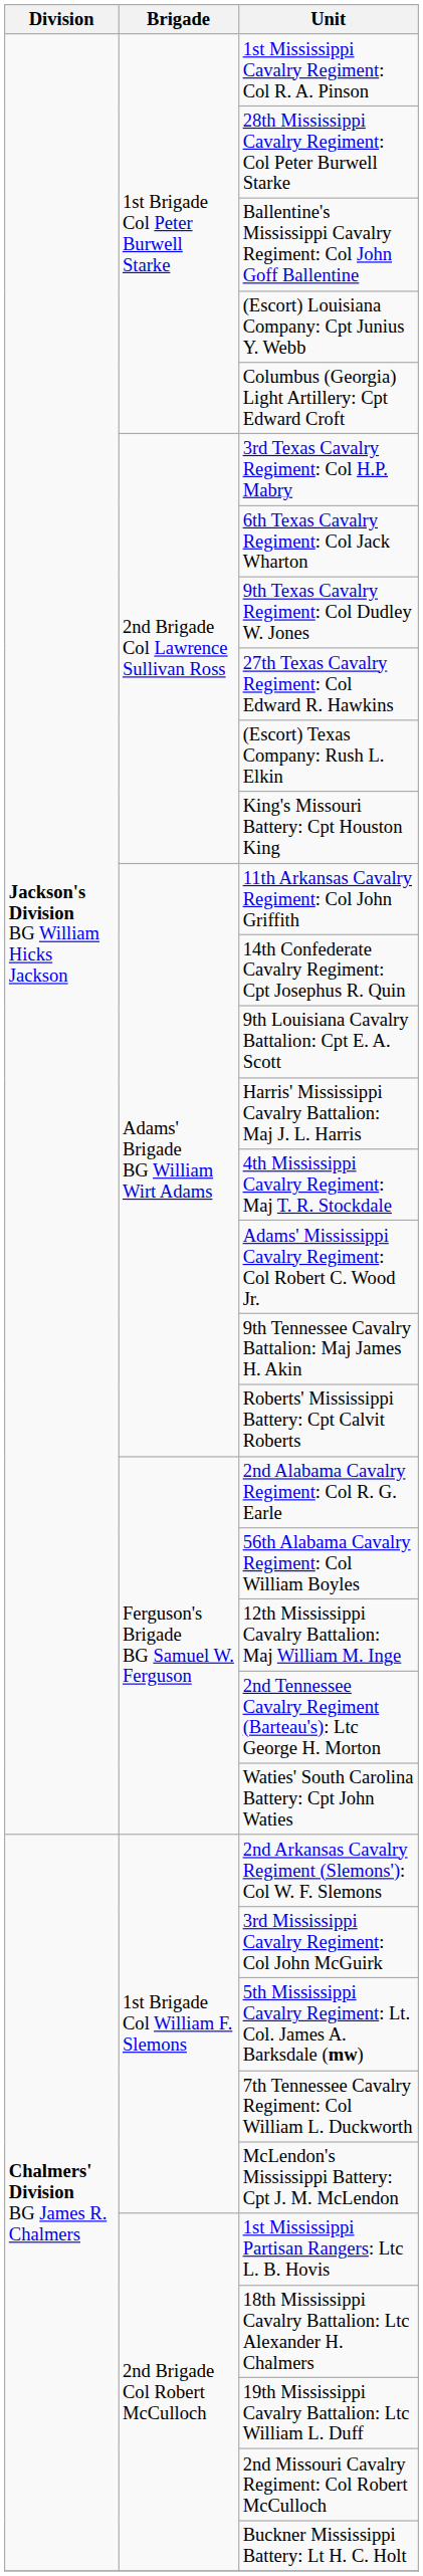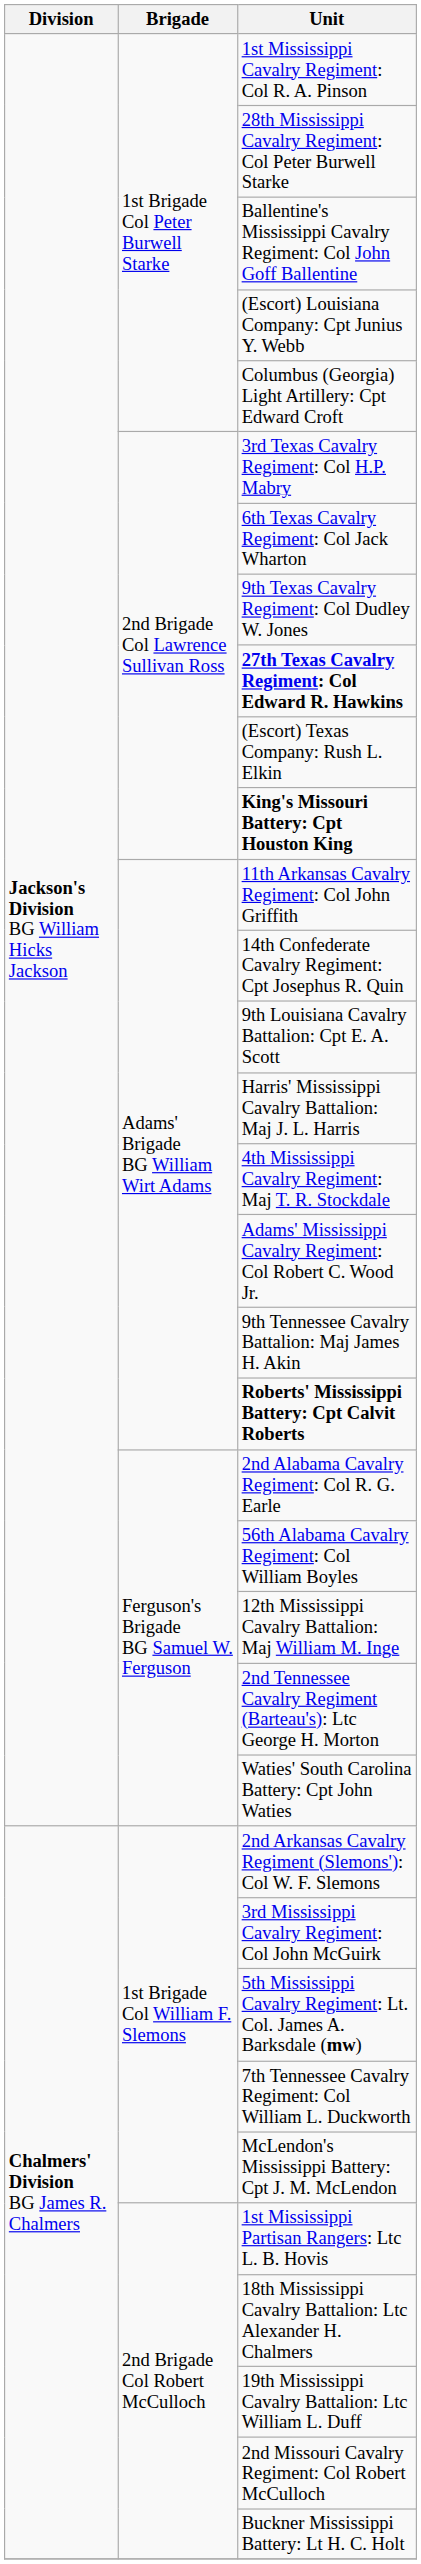 <table class="wikitable" style="text-align:left; width:57%;">
 <tr>
 <th width=12%>Division</th>
 <th width=15%>Brigade</th>
 <th width=30%>Unit</th>
 </tr>
 <tr>
 <td rowspan=24><strong>Jackson's Division</strong><br>BG <a href='#'>William Hicks Jackson</a></td>
 <td rowspan=5>1st Brigade<br>Col <a href='#'>Peter Burwell Starke</a></td>
 <td><a href='#'>1st Mississippi Cavalry Regiment</a>: Col R. A. Pinson</td>
 </tr>
 <tr>
 <td><a href='#'>28th Mississippi Cavalry Regiment</a>: Col Peter Burwell Starke</td>
 </tr>
 <tr>
 <td>Ballentine's Mississippi Cavalry Regiment: Col <a href='#'>John Goff Ballentine</a></td>
 </tr>
 <tr>
 <td>(Escort) Louisiana Company: Cpt Junius Y. Webb</td>
 </tr>
 <tr>
 <td>Columbus (Georgia) Light Artillery: Cpt Edward Croft</td>
 </tr>
 <tr>
 <td rowspan=6>2nd Brigade<br>Col <a href='#'>Lawrence Sullivan Ross</a></td>
 <td><a href='#'>3rd Texas Cavalry Regiment</a>: Col <a href='#'>H.P. Mabry</a></td>
 </tr>
 <tr>
 <td><a href='#'>6th Texas Cavalry Regiment</a>: Col Jack Wharton</td>
 </tr>
 <tr>
 <td><a href='#'>9th Texas Cavalry Regiment</a>: Col Dudley W. Jones</td>
 </tr>
 <tr>
-<td><a href='#'>27th Texas Cavalry Regiment</a>: Col Edward R. Hawkins</td>
+<td><strong><a href='#'>27th Texas Cavalry Regiment</a>: Col Edward R. Hawkins</strong></td>
 </tr>
 <tr>
 <td>(Escort) Texas Company: Rush L. Elkin</td>
 </tr>
 <tr>
-<td>King's Missouri Battery: Cpt Houston King</td>
+<td><strong>King's Missouri Battery: Cpt Houston King</strong></td>
 </tr>
 <tr>
 <td rowspan=8>Adams' Brigade<br>BG <a href='#'>William Wirt Adams</a></td>
 <td><a href='#'>11th Arkansas Cavalry Regiment</a>: Col John Griffith</td>
 </tr>
 <tr>
 <td>14th Confederate Cavalry Regiment: Cpt Josephus R. Quin</td>
 </tr>
 <tr>
 <td>9th Louisiana Cavalry Battalion: Cpt E. A. Scott</td>
 </tr>
 <tr>
 <td>Harris' Mississippi Cavalry Battalion: Maj J. L. Harris</td>
 </tr>
 <tr>
 <td><a href='#'>4th Mississippi Cavalry Regiment</a>: Maj <a href='#'>T. R. Stockdale</a></td>
 </tr>
 <tr>
 <td><a href='#'>Adams' Mississippi Cavalry Regiment</a>: Col Robert C. Wood Jr.</td>
 </tr>
 <tr>
 <td>9th Tennessee Cavalry Battalion: Maj James H. Akin</td>
 </tr>
 <tr>
-<td>Roberts' Mississippi Battery: Cpt Calvit Roberts</td>
+<td><strong>Roberts' Mississippi Battery: Cpt Calvit Roberts</strong></td>
 </tr>
 <tr>
 <td rowspan=5>Ferguson's Brigade<br>BG <a href='#'>Samuel W. Ferguson</a></td>
 <td><a href='#'>2nd Alabama Cavalry Regiment</a>: Col R. G. Earle</td>
 </tr>
 <tr>
 <td><a href='#'>56th Alabama Cavalry Regiment</a>: Col William Boyles</td>
 </tr>
 <tr>
 <td>12th Mississippi Cavalry Battalion: Maj <a href='#'>William M. Inge</a></td>
 </tr>
 <tr>
 <td><a href='#'>2nd Tennessee Cavalry Regiment (Barteau's)</a>: Ltc George H. Morton</td>
 </tr>
 <tr>
 <td>Waties' South Carolina Battery: Cpt John Waties</td>
 </tr>
 <tr>
 <td rowspan=10><strong>Chalmers' Division</strong><br>BG <a href='#'>James R. Chalmers</a></td>
 <td rowspan=5>1st Brigade<br>Col <a href='#'>William F. Slemons</a></td>
 <td><a href='#'>2nd Arkansas Cavalry Regiment (Slemons')</a>: Col W. F. Slemons</td>
 </tr>
 <tr>
 <td><a href='#'>3rd Mississippi Cavalry Regiment</a>: Col John McGuirk</td>
 </tr>
 <tr>
 <td><a href='#'>5th Mississippi Cavalry Regiment</a>: Lt. Col. James A. Barksdale (<strong>mw</strong>)</td>
 </tr>
 <tr>
 <td>7th Tennessee Cavalry Regiment: Col William L. Duckworth</td>
 </tr>
 <tr>
 <td>McLendon's Mississippi Battery: Cpt J. M. McLendon</td>
 </tr>
 <tr>
 <td rowspan=5>2nd Brigade<br>Col Robert McCulloch</td>
 <td><a href='#'>1st Mississippi Partisan Rangers</a>: Ltc L. B. Hovis</td>
 </tr>
 <tr>
 <td>18th Mississippi Cavalry Battalion: Ltc Alexander H. Chalmers</td>
 </tr>
 <tr>
 <td>19th Mississippi Cavalry Battalion: Ltc William L. Duff</td>
 </tr>
 <tr>
 <td>2nd Missouri Cavalry Regiment: Col Robert McCulloch</td>
 </tr>
 <tr>
 <td>Buckner Mississippi Battery: Lt H. C. Holt</td>
 </tr>
 <tr>
 </tr>
 </table>
